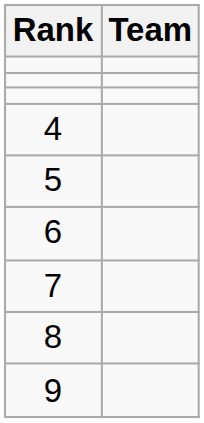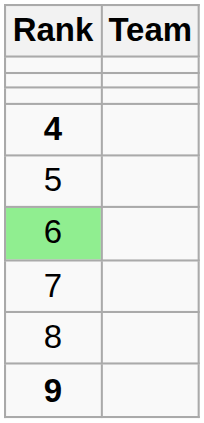 <table class="wikitable">
 <tr>
 <th>Rank</th>
 <th>Team</th>
 </tr>
 <tr>
 <td align=center></td>
 <td></td>
 </tr>
 <tr>
 <td align=center></td>
 <td></td>
 </tr>
 <tr>
 <td align=center></td>
 <td></td>
 </tr>
 <tr>
-<td align=center>4</td>
+<td align=center><strong>4</strong></td>
 <td></td>
 </tr>
 <tr>
 <td align=center>5</td>
 <td></td>
 </tr>
 <tr>
-<td align=center>6</td>
+<td align=center style="background: lightgreen;">6</td>
 <td></td>
 </tr>
 <tr>
 <td align=center>7</td>
 <td></td>
 </tr>
 <tr>
 <td align=center>8</td>
 <td></td>
 </tr>
 <tr>
-<td align=center>9</td>
+<td align=center><strong>9</strong></td>
 <td></td>
 </tr>
 </table>
